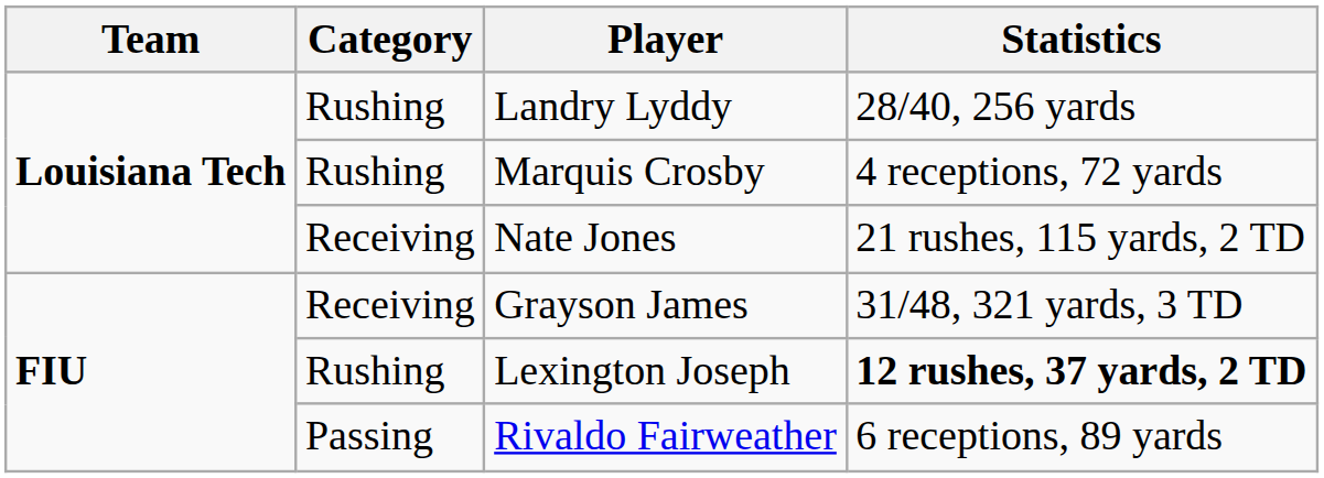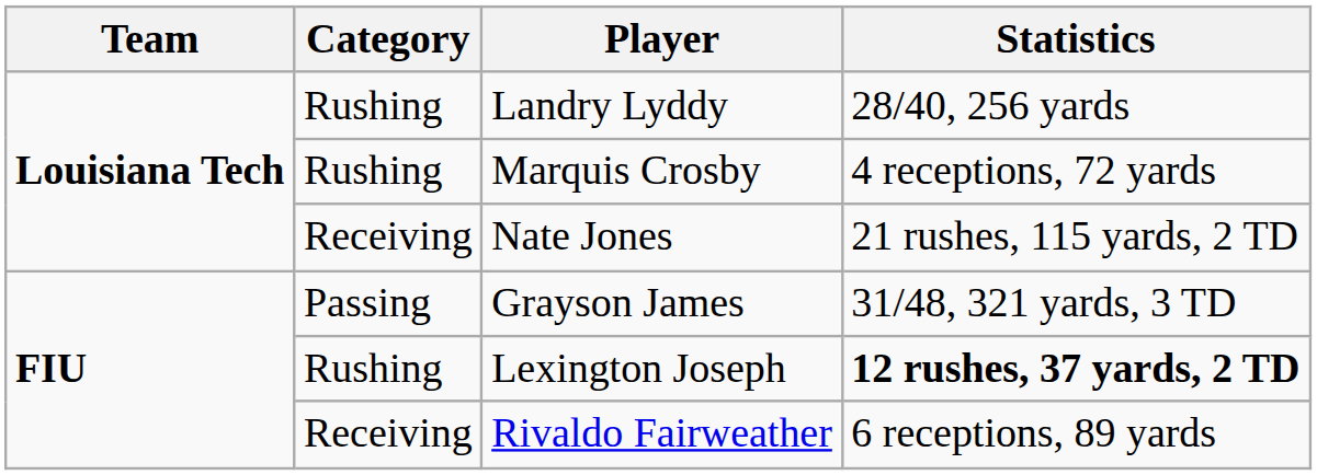 <table class="wikitable" style="float: left;">
 <tr>
 <th>Team</th>
 <th>Category</th>
 <th>Player</th>
 <th>Statistics</th>
 </tr>
 <tr>
 <td rowspan=3><strong>Louisiana Tech</strong></td>
 <td>Rushing</td>
 <td>Landry Lyddy</td>
 <td>28/40, 256 yards</td>
 </tr>
 <tr>
 <td>Rushing</td>
 <td>Marquis Crosby</td>
 <td>4 receptions, 72 yards</td>
 </tr>
 <tr>
 <td>Receiving</td>
 <td>Nate Jones</td>
 <td>21 rushes, 115 yards, 2 TD</td>
 </tr>
 <tr>
 <td rowspan=3><strong>FIU</strong></td>
-<td>Receiving</td>
+<td>Passing</td>
 <td>Grayson James</td>
 <td>31/48, 321 yards, 3 TD</td>
 </tr>
 <tr>
 <td>Rushing</td>
 <td>Lexington Joseph</td>
 <td><strong>12 rushes, 37 yards, 2 TD</strong></td>
 </tr>
 <tr>
-<td>Passing</td>
+<td>Receiving</td>
 <td><a href='#'>Rivaldo Fairweather</a></td>
 <td>6 receptions, 89 yards</td>
 </tr>
 </table>
